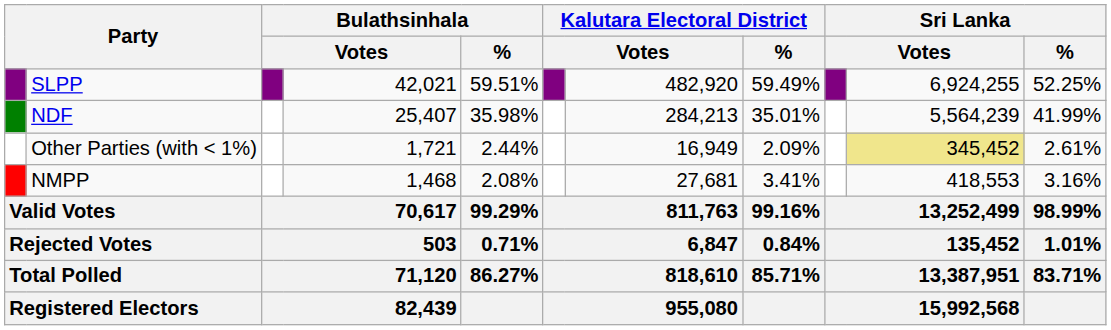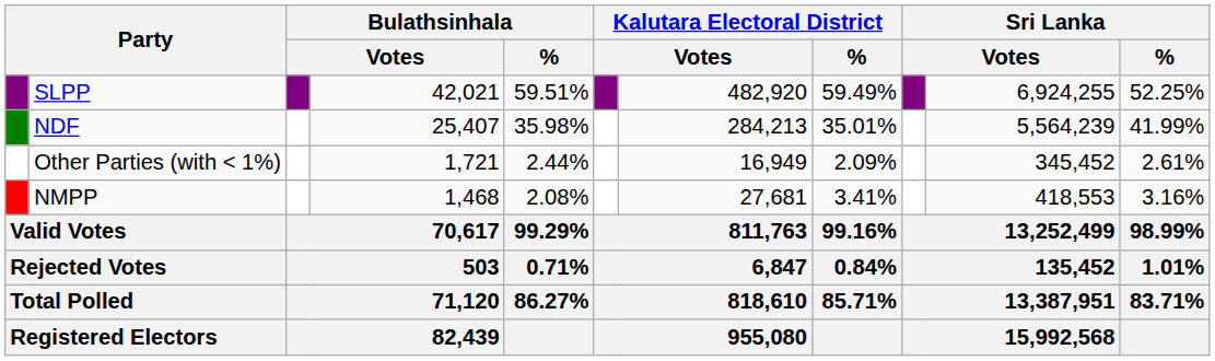 <table class="wikitable">
 <tr>
 <th colspan="2" width="144px"rowspan="2">Party</th>
 <th colspan="3" width="216px">Bulathsinhala</th>
 <th colspan="3" width="216px"><a href='#'>Kalutara Electoral District</a></th>
 <th colspan="3" width="216px">Sri Lanka</th>
 </tr>
 <tr>
 <th colspan="2" width="144px">Votes</th>
 <th>%</th>
 <th colspan="2" width="144px">Votes</th>
 <th>%</th>
 <th colspan="2" width="144px">Votes</th>
 <th>%</th>
 </tr>
 <tr>
 <td style="background-color:purple;" width="10px"></td>
 <td style="text-align:left;"><a href='#'>SLPP</a></td>
 <td style="background-color:purple;" width="10px"></td>
 <td style="text-align:right;">42,021</td>
 <td style="text-align:right;">59.51%</td>
 <td style="background-color:purple;" width="10px"></td>
 <td style="text-align:right;">482,920</td>
 <td style="text-align:right;">59.49%</td>
 <td style="background-color:purple;" width="10px"></td>
 <td style="text-align:right;">6,924,255</td>
 <td style="text-align:right;">52.25%</td>
 </tr>
 <tr>
 <td style="background-color:green;" width="10px"></td>
 <td style="text-align:left;"><a href='#'>NDF</a></td>
 <td style="background-color:white;" width="10px"></td>
 <td style="text-align:right;">25,407</td>
 <td style="text-align:right;">35.98%</td>
 <td style="background-color:white;" width="10px"></td>
 <td style="text-align:right;">284,213</td>
 <td style="text-align:right;">35.01%</td>
 <td style="background-color:white;" width="10px"></td>
 <td style="text-align:right;">5,564,239</td>
 <td style="text-align:right;">41.99%</td>
 </tr>
 <tr>
 <td style="background-color:white;" width="10px"></td>
 <td style="text-align:left;">Other Parties (with < 1%)</td>
 <td style="background-color:white;" width="10px"></td>
 <td style="text-align:right;">1,721</td>
 <td style="text-align:right;">2.44%</td>
 <td style="background-color:white;" width="10px"></td>
 <td style="text-align:right;">16,949</td>
 <td style="text-align:right;">2.09%</td>
 <td style="background-color:white;" width="10px"></td>
-<td style="background: khaki; text-align:right;">345,452</td>
+<td style="text-align:right;">345,452</td>
 <td style="text-align:right;">2.61%</td>
 </tr>
 <tr>
 <td style="background-color:red;" width="10px"></td>
 <td style="text-align:left;">NMPP</td>
 <td style="background-color:white;" width="10px"></td>
 <td style="text-align:right;">1,468</td>
 <td style="text-align:right;">2.08%</td>
 <td style="background-color:white;" width="10px"></td>
 <td style="text-align:right;">27,681</td>
 <td style="text-align:right;">3.41%</td>
 <td style="background-color:white;" width="10px"></td>
 <td style="text-align:right;">418,553</td>
 <td style="text-align:right;">3.16%</td>
 </tr>
 <tr>
 <th colspan="2" width="144px"style="text-align:left;">Valid Votes</th>
 <th style="text-align:right;"colspan="2" width="144px">70,617</th>
 <th style="text-align:right;">99.29%</th>
 <th style="text-align:right;"colspan="2" width="144px">811,763</th>
 <th style="text-align:right;">99.16%</th>
 <th style="text-align:right;"colspan="2" width="144px">13,252,499</th>
 <th style="text-align:right;">98.99%</th>
 </tr>
 <tr>
 <th colspan="2" width="144px"style="text-align:left;">Rejected Votes</th>
 <th style="text-align:right;"colspan="2" width="144px">503</th>
 <th style="text-align:right;">0.71%</th>
 <th style="text-align:right;"colspan="2" width="144px">6,847</th>
 <th style="text-align:right;">0.84%</th>
 <th style="text-align:right;"colspan="2" width="144px">135,452</th>
 <th style="text-align:right;">1.01%</th>
 </tr>
 <tr>
 <th colspan="2" width="144px"style="text-align:left;">Total Polled</th>
 <th style="text-align:right;"colspan="2" width="144px">71,120</th>
 <th style="text-align:right;">86.27%</th>
 <th style="text-align:right;"colspan="2" width="144px">818,610</th>
 <th style="text-align:right;">85.71%</th>
 <th style="text-align:right;"colspan="2" width="144px">13,387,951</th>
 <th style="text-align:right;">83.71%</th>
 </tr>
 <tr>
 <th colspan="2" width="144px"style="text-align:left;">Registered Electors</th>
 <th style="text-align:right;"colspan="2" width="144px">82,439</th>
 <th></th>
 <th style="text-align:right;"colspan="2" width="144px">955,080</th>
 <th></th>
 <th style="text-align:right;"colspan="2" width="144px">15,992,568</th>
 <th></th>
 </tr>
 </table>
